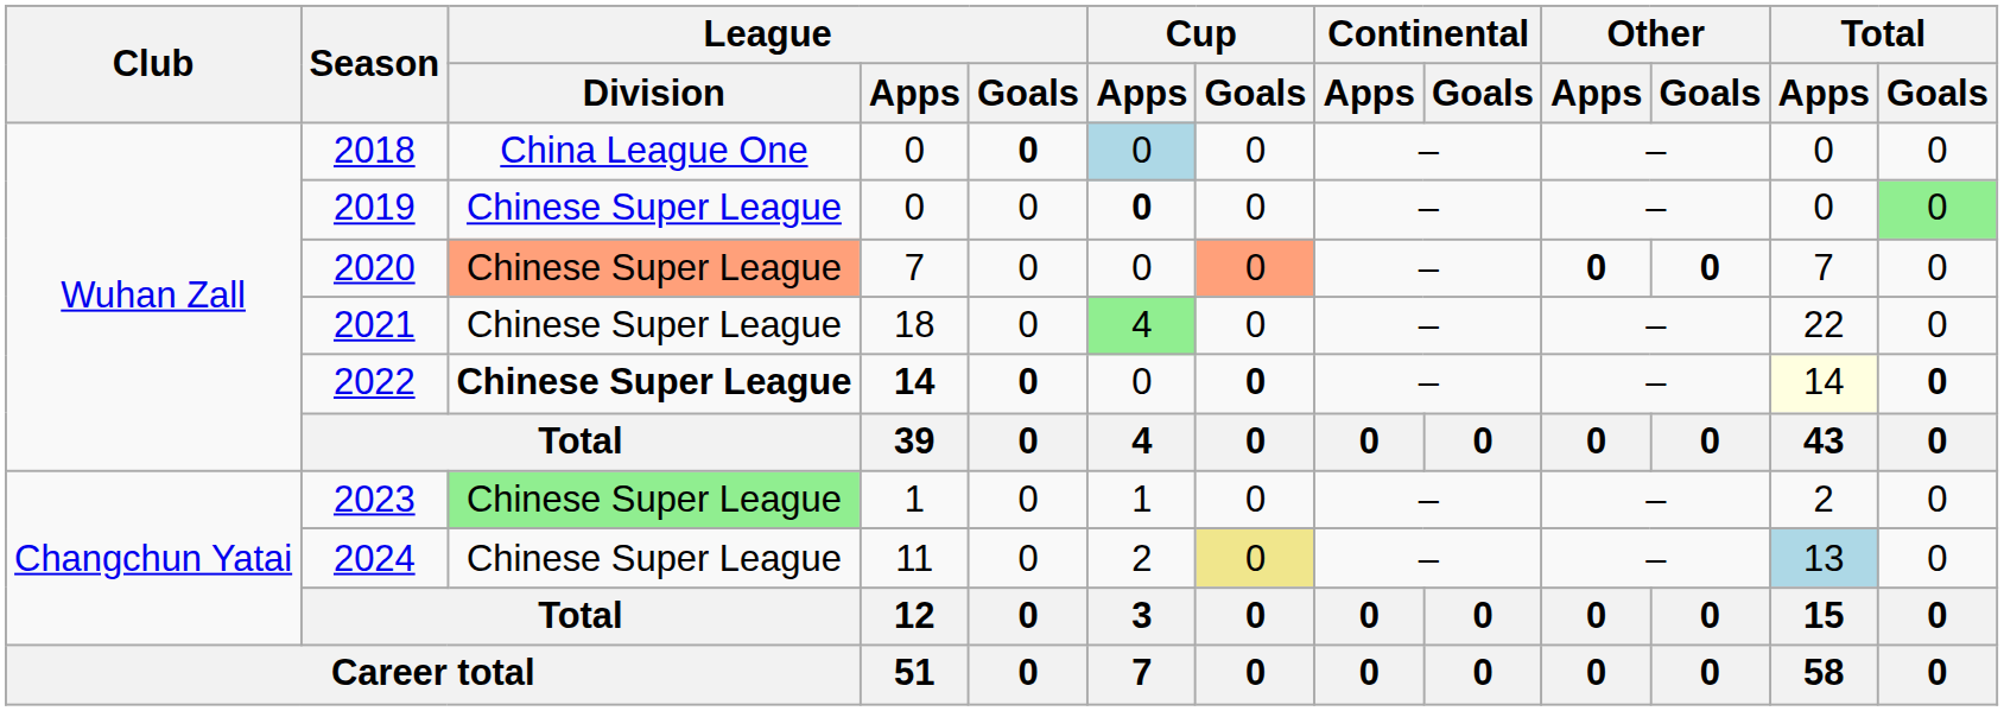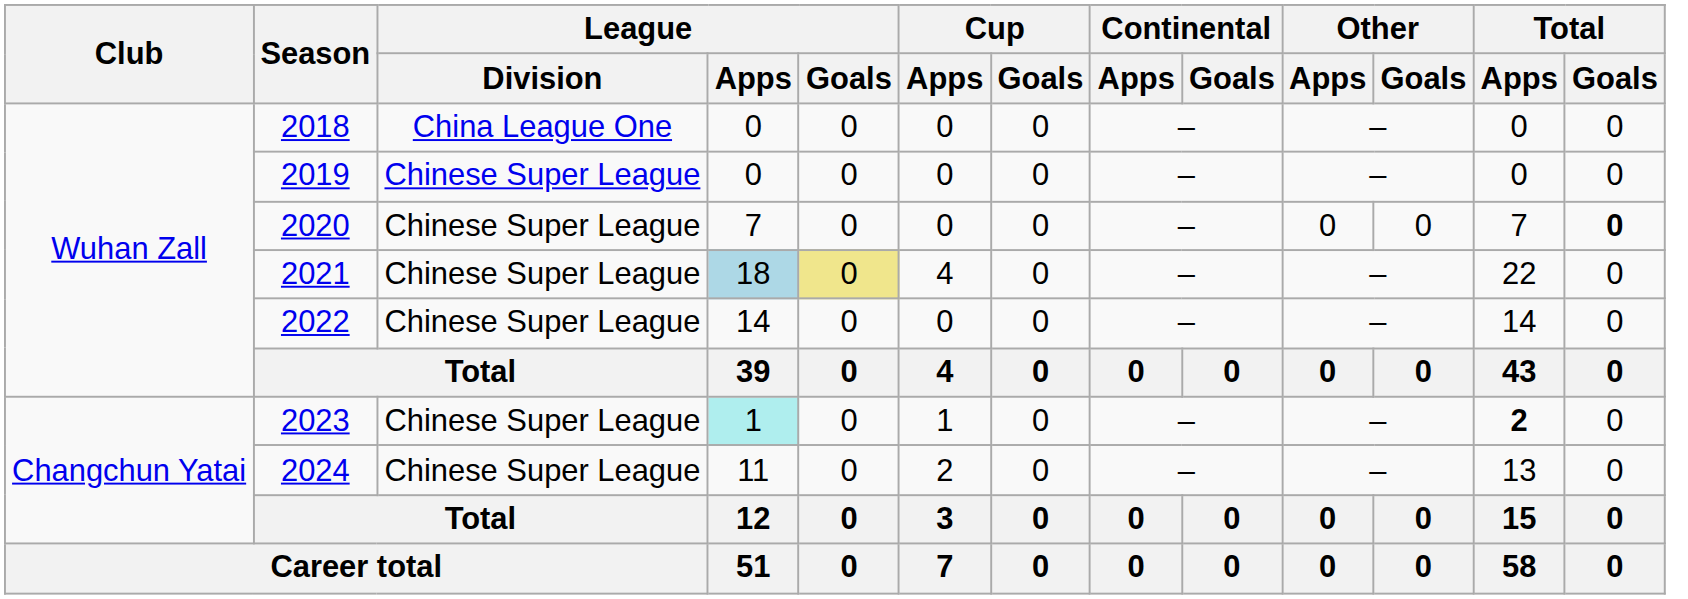 <table class="wikitable" style="text-align: center">
 <tr>
 <th rowspan="2">Club</th>
 <th rowspan="2">Season</th>
 <th colspan="3">League</th>
 <th colspan="2">Cup</th>
 <th colspan="2">Continental</th>
 <th colspan="2">Other</th>
 <th colspan="2">Total</th>
 </tr>
 <tr>
 <th>Division</th>
 <th>Apps</th>
 <th>Goals</th>
 <th>Apps</th>
 <th>Goals</th>
 <th>Apps</th>
 <th>Goals</th>
 <th>Apps</th>
 <th>Goals</th>
 <th>Apps</th>
 <th>Goals</th>
 </tr>
 <tr>
 <td rowspan=6><a href='#'>Wuhan Zall</a></td>
 <td><a href='#'>2018</a></td>
 <td><a href='#'>China League One</a></td>
 <td>0</td>
-<td><strong>0</strong></td>
-<td style="background: lightblue;">0</td>
+<td>0</td>
+<td>0</td>
 <td>0</td>
 <td colspan="2">–</td>
 <td colspan="2">–</td>
 <td>0</td>
 <td>0</td>
 </tr>
 <tr>
 <td><a href='#'>2019</a></td>
 <td><a href='#'>Chinese Super League</a></td>
 <td>0</td>
 <td>0</td>
-<td><strong>0</strong></td>
+<td>0</td>
 <td>0</td>
 <td colspan="2">–</td>
 <td colspan="2">–</td>
 <td>0</td>
-<td style="background: lightgreen;">0</td>
+<td>0</td>
 </tr>
 <tr>
 <td><a href='#'>2020</a></td>
-<td style="background: lightsalmon;">Chinese Super League</td>
+<td>Chinese Super League</td>
 <td>7</td>
 <td>0</td>
 <td>0</td>
-<td style="background: lightsalmon;">0</td>
+<td>0</td>
 <td colspan="2">–</td>
+<td>0</td>
+<td>0</td>
+<td>7</td>
 <td><strong>0</strong></td>
-<td><strong>0</strong></td>
-<td>7</td>
-<td>0</td>
 </tr>
 <tr>
 <td><a href='#'>2021</a></td>
 <td>Chinese Super League</td>
-<td>18</td>
-<td>0</td>
-<td style="background: lightgreen;">4</td>
+<td style="background: lightblue;">18</td>
+<td style="background: khaki;">0</td>
+<td>4</td>
 <td>0</td>
 <td colspan="2">–</td>
 <td colspan="2">–</td>
 <td>22</td>
 <td>0</td>
 </tr>
 <tr>
 <td><a href='#'>2022</a></td>
-<td><strong>Chinese Super League</strong></td>
-<td><strong>14</strong></td>
-<td><strong>0</strong></td>
+<td>Chinese Super League</td>
+<td>14</td>
 <td>0</td>
-<td><strong>0</strong></td>
+<td>0</td>
+<td>0</td>
 <td colspan="2">–</td>
 <td colspan="2">–</td>
-<td style="background: lightyellow;">14</td>
-<td><strong>0</strong></td>
+<td>14</td>
+<td>0</td>
 </tr>
 <tr>
 <th colspan="2">Total</th>
 <th>39</th>
 <th>0</th>
 <th>4</th>
 <th>0</th>
 <th>0</th>
 <th>0</th>
 <th>0</th>
 <th>0</th>
 <th>43</th>
 <th>0</th>
 </tr>
 <tr>
 <td rowspan=3><a href='#'>Changchun Yatai</a></td>
 <td><a href='#'>2023</a></td>
-<td style="background: lightgreen;">Chinese Super League</td>
-<td>1</td>
+<td>Chinese Super League</td>
+<td style="background: paleturquoise;">1</td>
 <td>0</td>
 <td>1</td>
 <td>0</td>
 <td colspan="2">–</td>
 <td colspan="2">–</td>
-<td>2</td>
+<td><strong>2</strong></td>
 <td>0</td>
 </tr>
 <tr>
 <td><a href='#'>2024</a></td>
 <td>Chinese Super League</td>
 <td>11</td>
 <td>0</td>
 <td>2</td>
-<td style="background: khaki;">0</td>
+<td>0</td>
 <td colspan="2">–</td>
 <td colspan="2">–</td>
-<td style="background: lightblue;">13</td>
+<td>13</td>
 <td>0</td>
 </tr>
 <tr>
 <th colspan="2">Total</th>
 <th>12</th>
 <th>0</th>
 <th>3</th>
 <th>0</th>
 <th>0</th>
 <th>0</th>
 <th>0</th>
 <th>0</th>
 <th>15</th>
 <th>0</th>
 </tr>
 <tr>
 <th colspan=3>Career total</th>
 <th>51</th>
 <th>0</th>
 <th>7</th>
 <th>0</th>
 <th>0</th>
 <th>0</th>
 <th>0</th>
 <th>0</th>
 <th>58</th>
 <th>0</th>
 </tr>
 </table>
